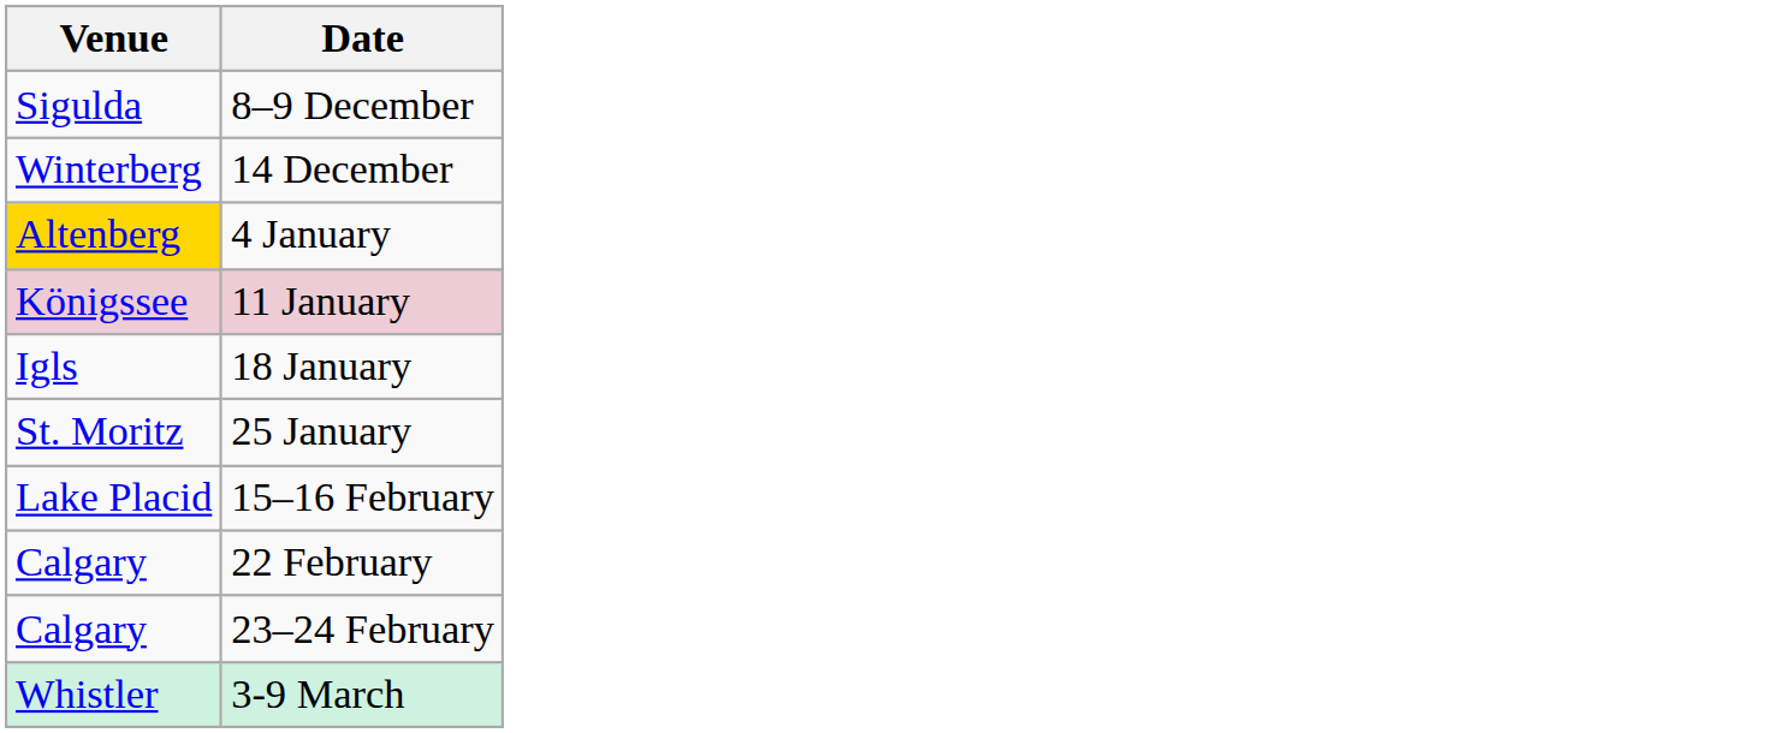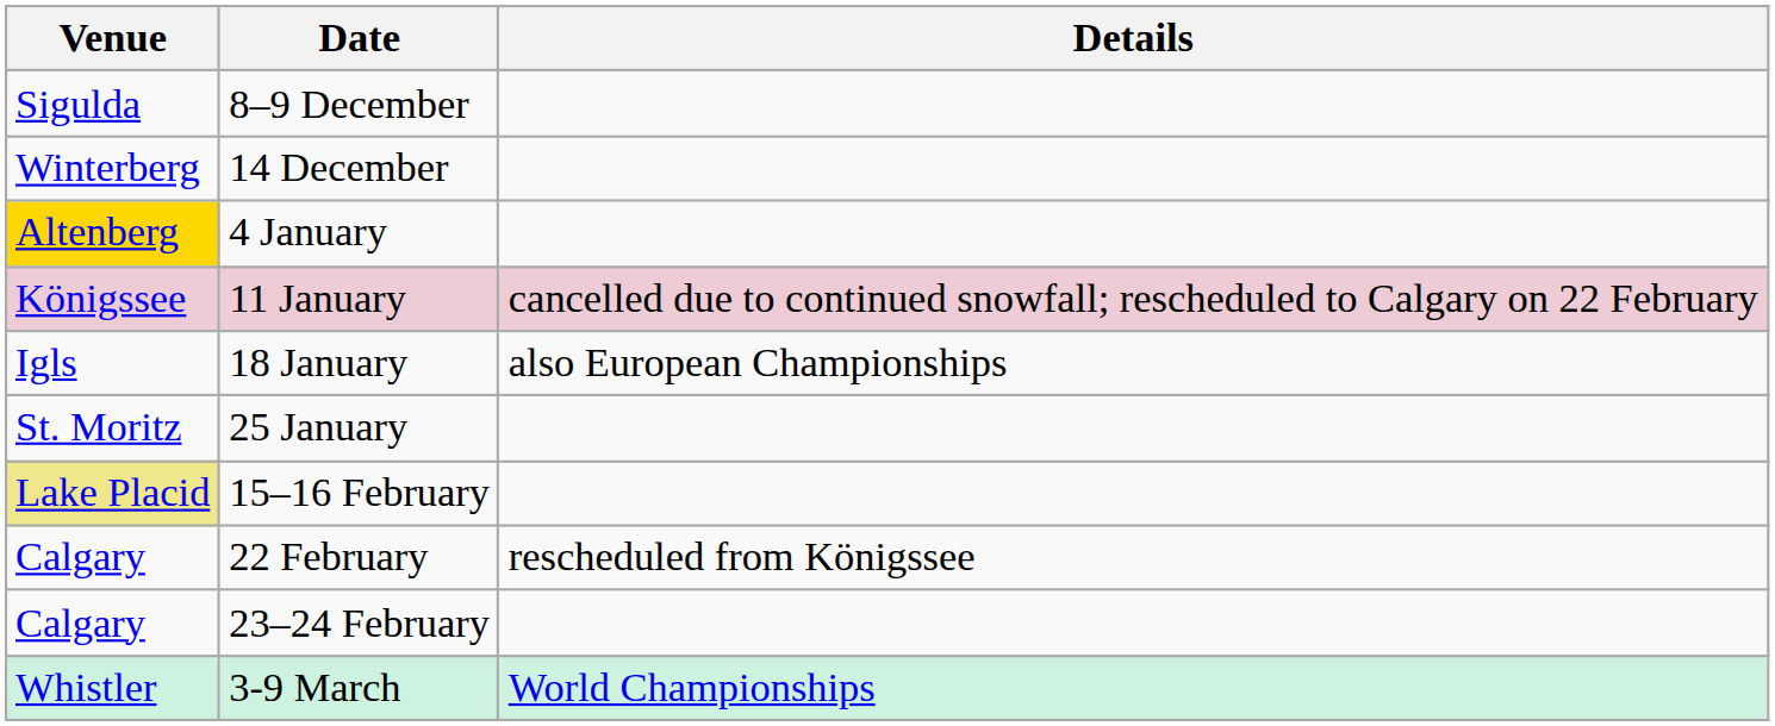 <table class= wikitable>
 <tr>
 <th>Venue</th>
 <th>Date</th>
+<th>Details</th>
 </tr>
 <tr>
 <td> <a href='#'>Sigulda</a></td>
 <td>8–9 December</td>
+<td></td>
 </tr>
 <tr>
 <td> <a href='#'>Winterberg</a></td>
 <td>14 December</td>
+<td></td>
 </tr>
 <tr>
 <td style="background: gold;"> <a href='#'>Altenberg</a></td>
 <td>4 January</td>
+<td></td>
 </tr>
 <tr>
 <td bgcolor="EDCCD5"> <a href='#'>Königssee</a></td>
 <td bgcolor="EDCCD5">11 January</td>
+<td bgcolor="EDCCD5">cancelled due to continued snowfall; rescheduled to Calgary on 22 February</td>
 </tr>
 <tr>
 <td> <a href='#'>Igls</a></td>
 <td>18 January</td>
+<td>also European Championships</td>
 </tr>
 <tr>
 <td> <a href='#'>St. Moritz</a></td>
 <td>25 January</td>
+<td></td>
 </tr>
 <tr>
-<td> <a href='#'>Lake Placid</a></td>
+<td style="background: khaki;"> <a href='#'>Lake Placid</a></td>
 <td>15–16 February</td>
+<td></td>
 </tr>
 <tr>
 <td> <a href='#'>Calgary</a></td>
 <td>22 February</td>
+<td>rescheduled from Königssee</td>
 </tr>
 <tr>
 <td> <a href='#'>Calgary</a></td>
 <td>23–24 February</td>
+<td></td>
 </tr>
 <tr style="background:#CEF2E0">
 <td> <a href='#'>Whistler</a></td>
 <td>3-9 March</td>
+<td><a href='#'>World Championships</a></td>
 </tr>
 </table>
